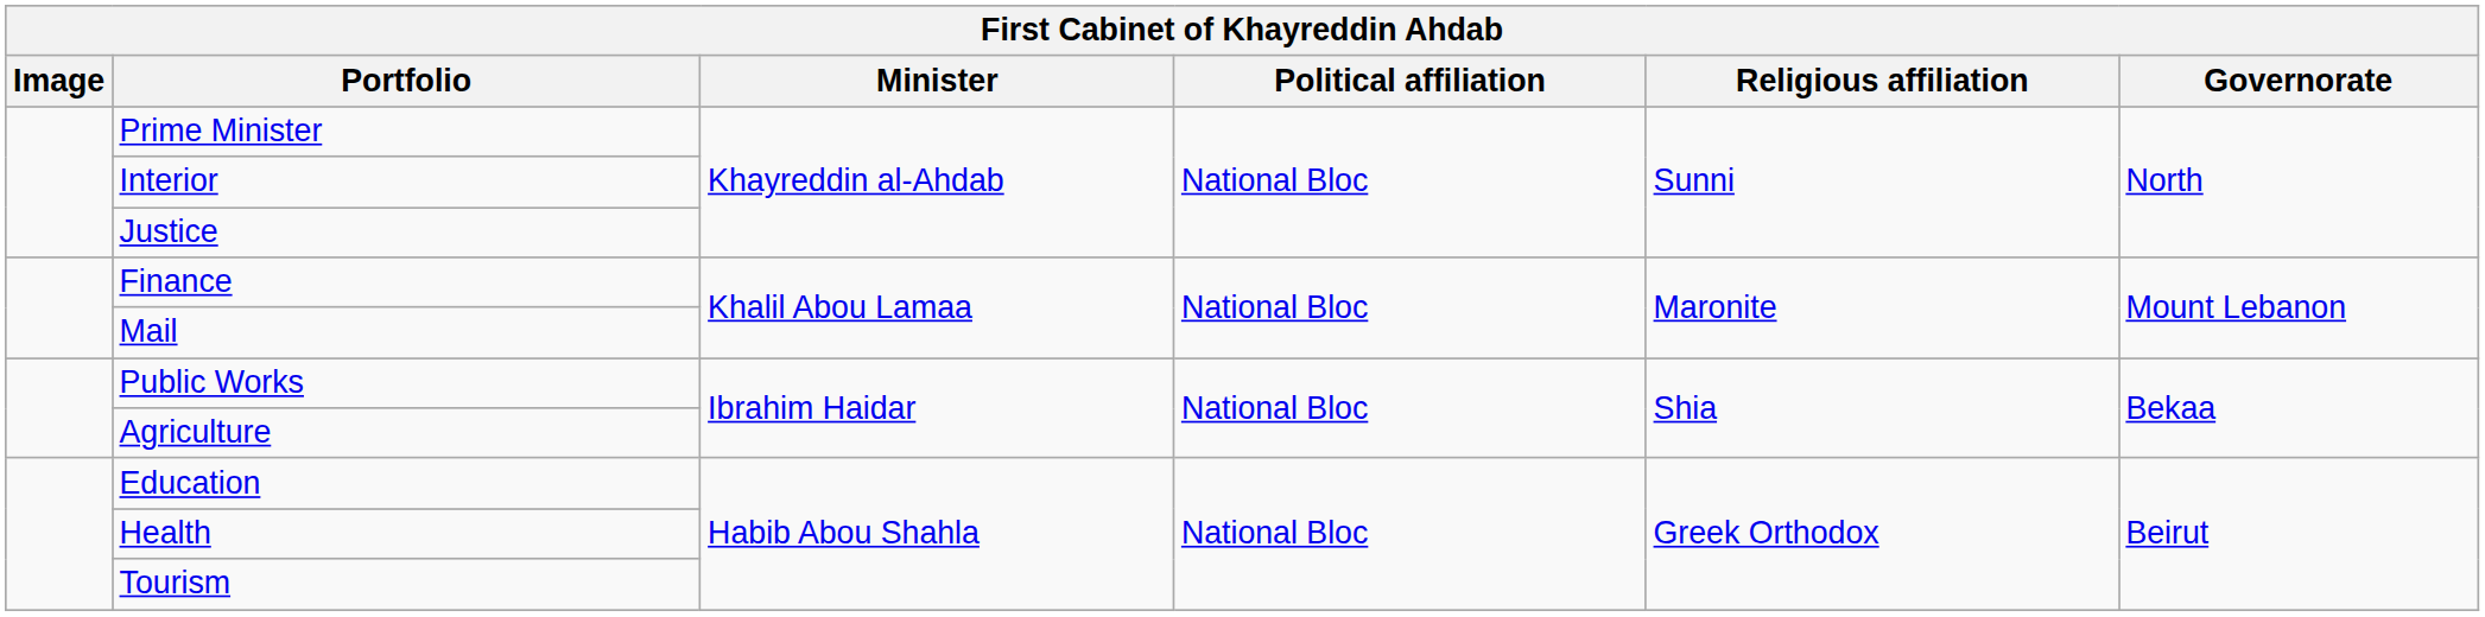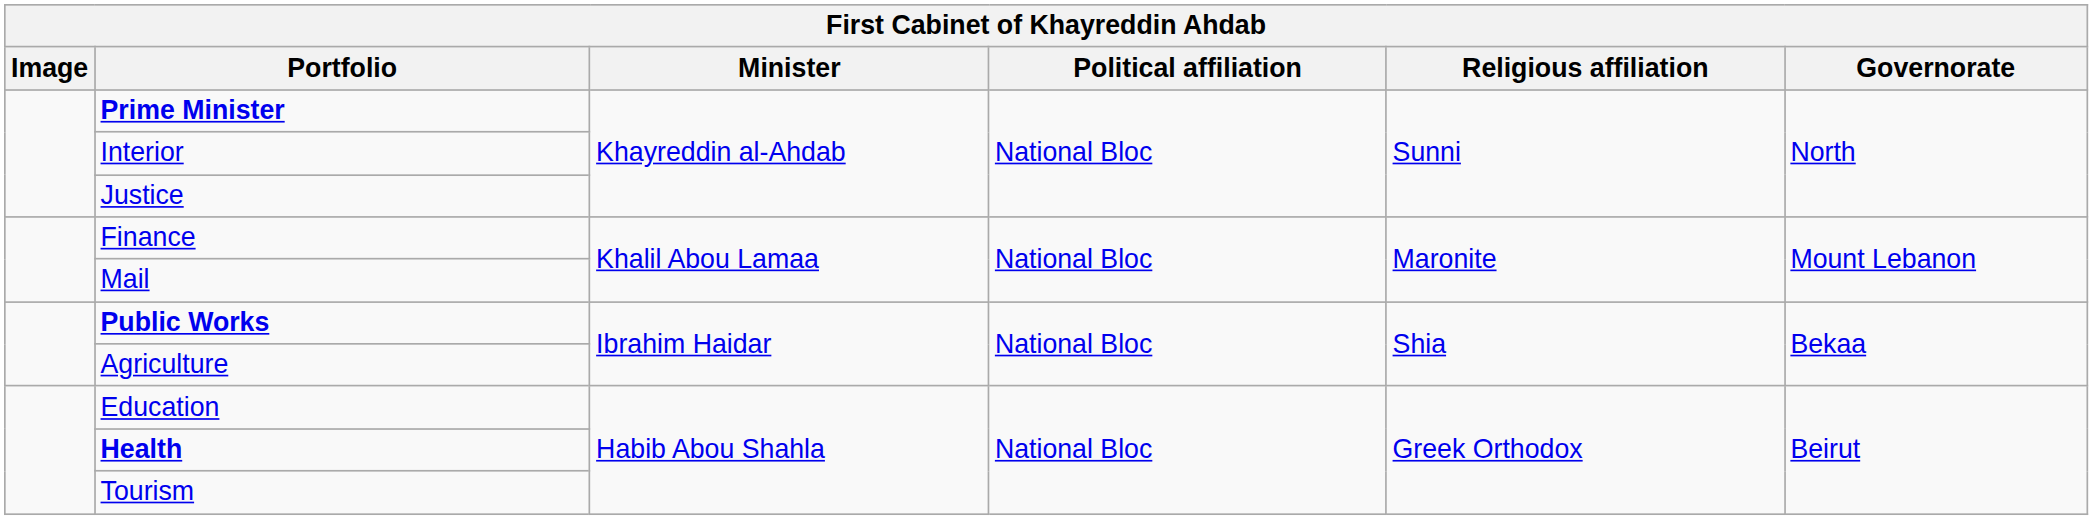 <table class="wikitable">
 <tr>
 <th colspan="6">First Cabinet of Khayreddin Ahdab</th>
 </tr>
 <tr>
 <th>Image</th>
 <th width="25%">Portfolio</th>
 <th width="20%">Minister</th>
 <th width="20%">Political affiliation</th>
 <th width="20%">Religious affiliation</th>
 <th width="20%">Governorate</th>
 </tr>
 <tr>
 <td rowspan="3"></td>
-<td><a href='#'>Prime Minister</a></td>
+<td><strong><a href='#'>Prime Minister</a></strong></td>
 <td rowspan="3"><a href='#'>Khayreddin al-Ahdab</a></td>
 <td rowspan="3"> <a href='#'>National Bloc</a></td>
 <td rowspan="3"><a href='#'>Sunni</a></td>
 <td rowspan="3"><a href='#'>North</a></td>
 </tr>
 <tr>
 <td><a href='#'>Interior</a></td>
 </tr>
 <tr>
 <td><a href='#'>Justice</a></td>
 </tr>
 <tr>
 <td rowspan="2"></td>
 <td><a href='#'>Finance</a></td>
 <td rowspan="2"><a href='#'>Khalil Abou Lamaa</a></td>
 <td rowspan="2"> <a href='#'>National Bloc</a></td>
 <td rowspan="2"><a href='#'>Maronite</a></td>
 <td rowspan="2"><a href='#'>Mount Lebanon</a></td>
 </tr>
 <tr>
 <td><a href='#'>Mail</a></td>
 </tr>
 <tr>
 <td rowspan="2"></td>
-<td><a href='#'>Public Works</a></td>
+<td><strong><a href='#'>Public Works</a></strong></td>
 <td rowspan="2"><a href='#'>Ibrahim Haidar</a></td>
 <td rowspan="2"> <a href='#'>National Bloc</a></td>
 <td rowspan="2"><a href='#'>Shia</a></td>
 <td rowspan="2"><a href='#'>Bekaa</a></td>
 </tr>
 <tr>
 <td><a href='#'>Agriculture</a></td>
 </tr>
 <tr>
 <td rowspan="3"></td>
 <td><a href='#'>Education</a></td>
 <td rowspan="3"><a href='#'>Habib Abou Shahla</a></td>
 <td rowspan="3"> <a href='#'>National Bloc</a></td>
 <td rowspan="3"><a href='#'>Greek Orthodox</a></td>
 <td rowspan="3"><a href='#'>Beirut</a></td>
 </tr>
 <tr>
-<td><a href='#'>Health</a></td>
+<td><strong><a href='#'>Health</a></strong></td>
 </tr>
 <tr>
 <td><a href='#'>Tourism</a></td>
 </tr>
 </table>
